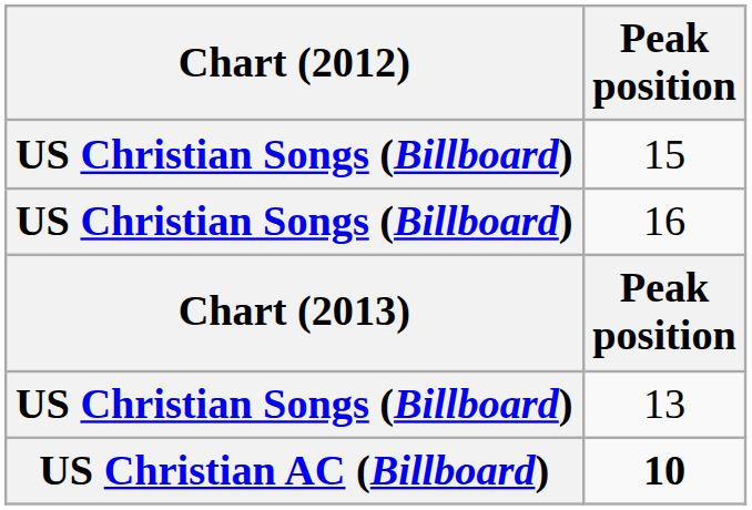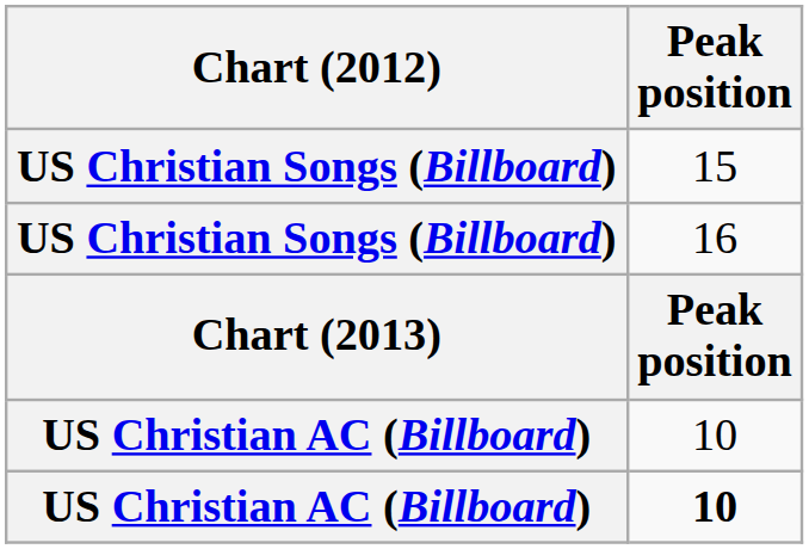 <table class="wikitable plainrowheaders" style="text-align:center">
 <tr>
 <th scope="col">Chart (2012)</th>
 <th scope="col">Peak<br>position</th>
 </tr>
 <tr>
 <th scope="row">US <a href='#'>Christian Songs</a> (<em><a href='#'>Billboard</a></em>)</th>
 <td>15</td>
 </tr>
 <tr>
 <th scope="row">US <a href='#'>Christian Songs</a> (<em><a href='#'>Billboard</a></em>)</th>
 <td>16</td>
 </tr>
 <tr>
 <th scope="col">Chart (2013)</th>
 <th scope="col">Peak<br>position</th>
 </tr>
 <tr>
-<th scope="row">US <a href='#'>Christian Songs</a> (<em><a href='#'>Billboard</a></em>)</th>
-<td>13</td>
+<th scope="row">US <a href='#'>Christian AC</a> (<em><a href='#'>Billboard</a></em>)</th>
+<td>10</td>
 </tr>
 <tr>
 <th scope="row">US <a href='#'>Christian AC</a> (<em><a href='#'>Billboard</a></em>)</th>
 <td><strong>10</strong></td>
 </tr>
 </table>
